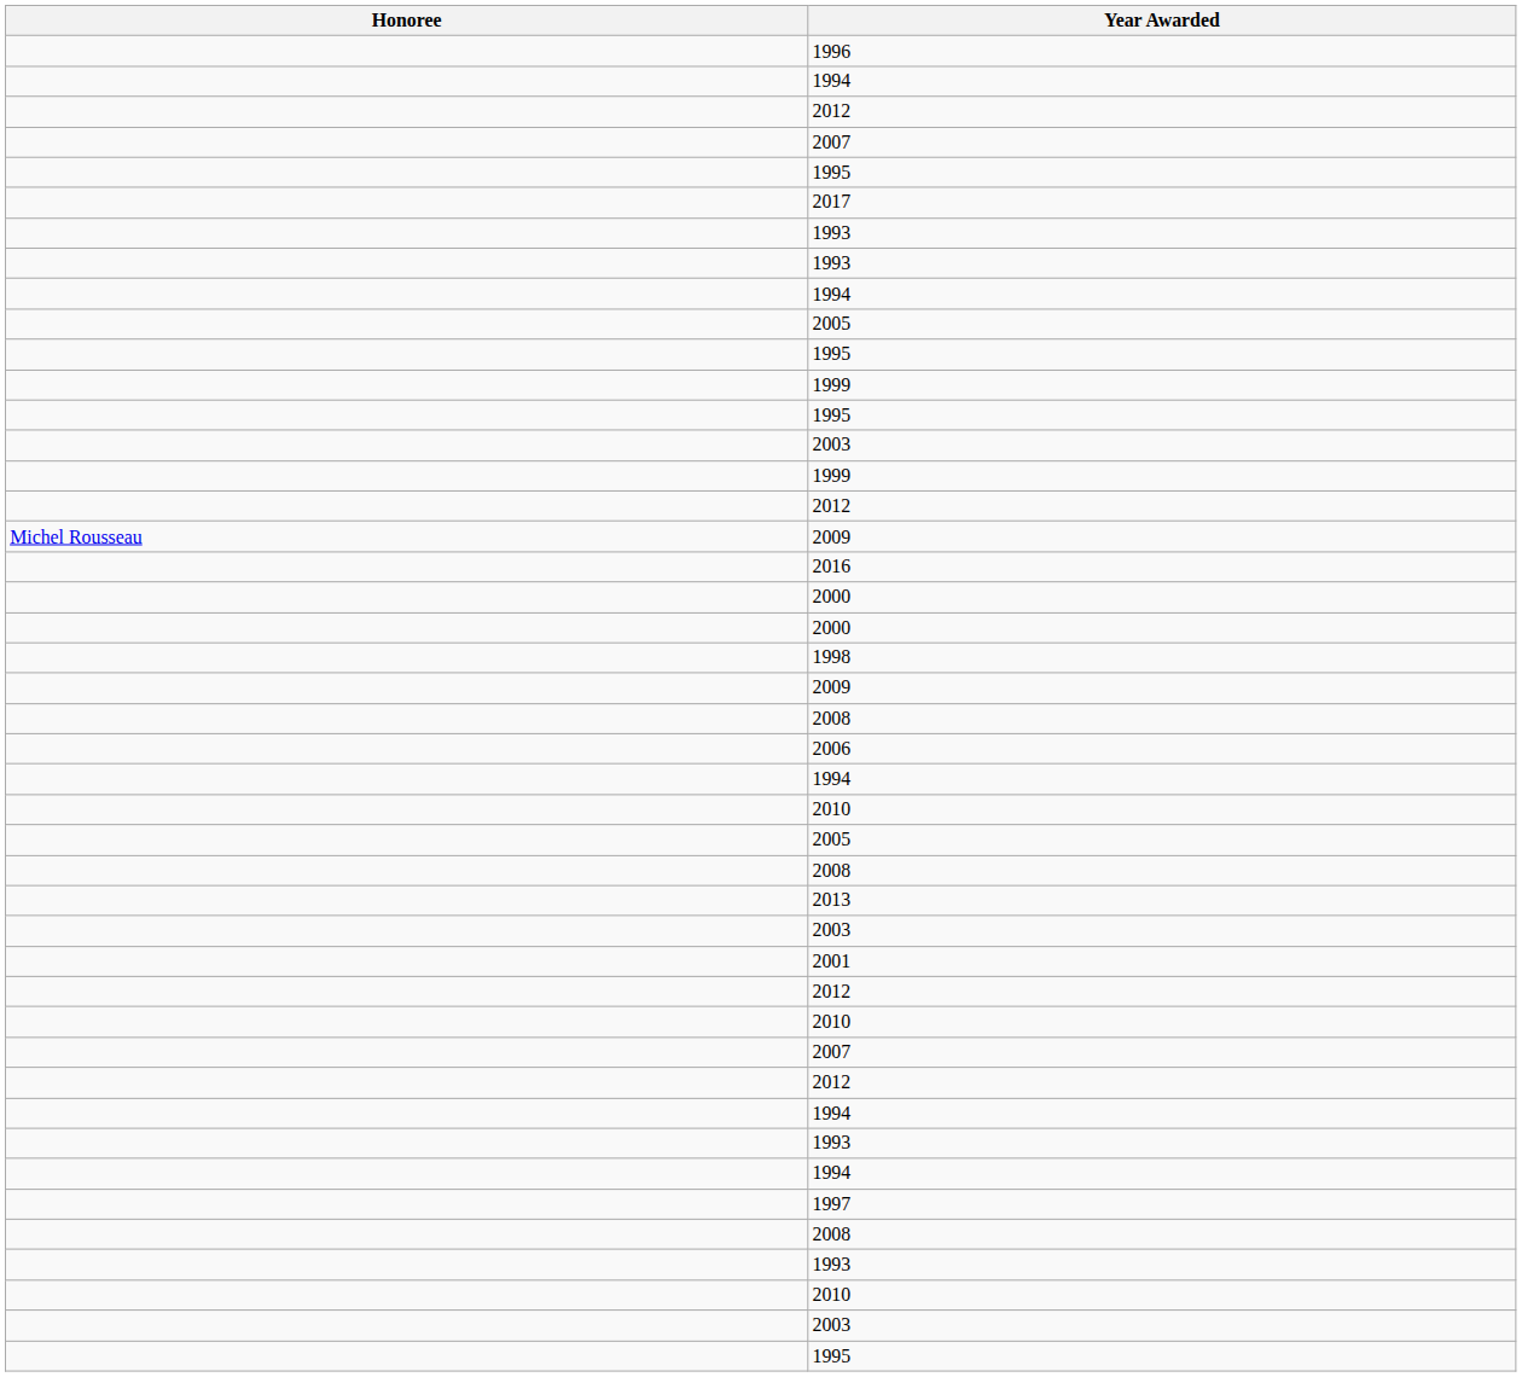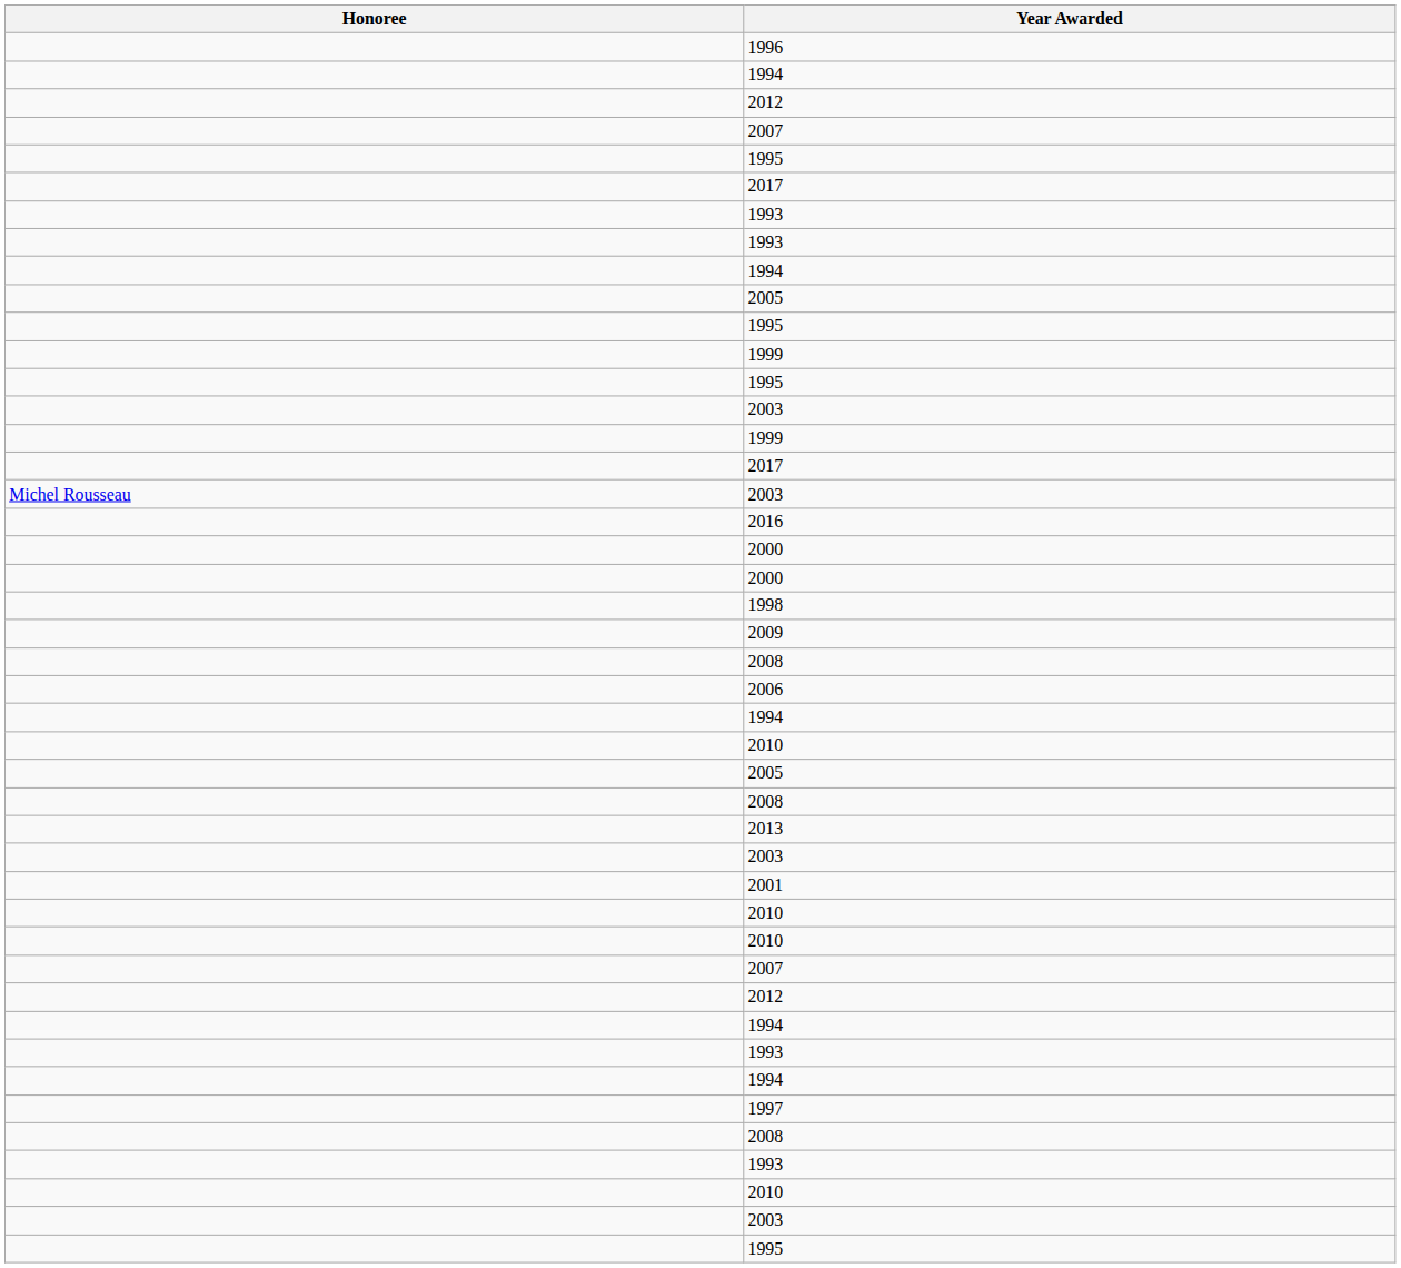 <table class="wikitable sortable" style="width: 100%">
 <tr>
 <th scope="col">Honoree</th>
 <th>Year Awarded</th>
 </tr>
 <tr>
 <td></td>
 <td>1996</td>
 </tr>
 <tr>
 <td></td>
 <td>1994</td>
 </tr>
 <tr>
 <td></td>
 <td>2012</td>
 </tr>
 <tr>
 <td></td>
 <td>2007</td>
 </tr>
 <tr>
 <td></td>
 <td>1995</td>
 </tr>
 <tr>
 <td></td>
 <td>2017</td>
 </tr>
 <tr>
 <td></td>
 <td>1993</td>
 </tr>
 <tr>
 <td></td>
 <td>1993</td>
 </tr>
 <tr>
 <td></td>
 <td>1994</td>
 </tr>
 <tr>
 <td></td>
 <td>2005</td>
 </tr>
 <tr>
 <td></td>
 <td>1995</td>
 </tr>
 <tr>
 <td></td>
 <td>1999</td>
 </tr>
 <tr>
 <td></td>
 <td>1995</td>
 </tr>
 <tr>
 <td></td>
 <td>2003</td>
 </tr>
 <tr>
 <td></td>
 <td>1999</td>
 </tr>
 <tr>
 <td></td>
-<td>2012</td>
+<td>2017</td>
 </tr>
 <tr>
 <td><a href='#'>Michel Rousseau</a></td>
-<td>2009</td>
+<td>2003</td>
 </tr>
 <tr>
 <td></td>
 <td>2016</td>
 </tr>
 <tr>
 <td></td>
 <td>2000</td>
 </tr>
 <tr>
 <td></td>
 <td>2000</td>
 </tr>
 <tr>
 <td></td>
 <td>1998</td>
 </tr>
 <tr>
 <td></td>
 <td>2009</td>
 </tr>
 <tr>
 <td></td>
 <td>2008</td>
 </tr>
 <tr>
 <td></td>
 <td>2006</td>
 </tr>
 <tr>
 <td></td>
 <td>1994</td>
 </tr>
 <tr>
 <td></td>
 <td>2010</td>
 </tr>
 <tr>
 <td></td>
 <td>2005</td>
 </tr>
 <tr>
 <td></td>
 <td>2008</td>
 </tr>
 <tr>
 <td></td>
 <td>2013</td>
 </tr>
 <tr>
 <td></td>
 <td>2003</td>
 </tr>
 <tr>
 <td></td>
 <td>2001</td>
 </tr>
 <tr>
 <td></td>
-<td>2012</td>
+<td>2010</td>
 </tr>
 <tr>
 <td></td>
 <td>2010</td>
 </tr>
 <tr>
 <td></td>
 <td>2007</td>
 </tr>
 <tr>
 <td></td>
 <td>2012</td>
 </tr>
 <tr>
 <td></td>
 <td>1994</td>
 </tr>
 <tr>
 <td></td>
 <td>1993</td>
 </tr>
 <tr>
 <td></td>
 <td>1994</td>
 </tr>
 <tr>
 <td></td>
 <td>1997</td>
 </tr>
 <tr>
 <td></td>
 <td>2008</td>
 </tr>
 <tr>
 <td></td>
 <td>1993</td>
 </tr>
 <tr>
 <td></td>
 <td>2010</td>
 </tr>
 <tr>
 <td></td>
 <td>2003</td>
 </tr>
 <tr>
 <td></td>
 <td>1995</td>
 </tr>
 </table>
